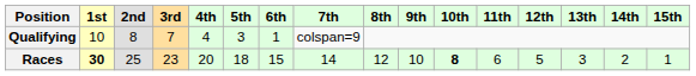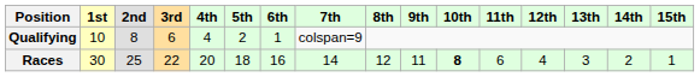 <table class="wikitable" style="font-size:85%; text-align:center">
 <tr>
 <th>Position</th>
 <td style="background:#ffffbf;"> <strong>1st</strong> </td>
 <td style="background:#dfdfdf;"> <strong>2nd</strong> </td>
 <td style="background:#ffdf9f;"> <strong>3rd</strong> </td>
 <td style="background:#dfffdf;"> <strong>4th</strong> </td>
 <td style="background:#dfffdf;"> <strong>5th</strong> </td>
 <td style="background:#dfffdf;"> <strong>6th</strong> </td>
 <td style="background:#dfffdf;"> <strong>7th</strong> </td>
 <td style="background:#dfffdf;"> <strong>8th</strong> </td>
 <td style="background:#dfffdf;"> <strong>9th</strong> </td>
 <td style="background:#dfffdf;"> <strong>10th</strong> </td>
 <td style="background:#dfffdf;"> <strong>11th</strong> </td>
 <td style="background:#dfffdf;"> <strong>12th</strong> </td>
 <td style="background:#dfffdf;"> <strong>13th</strong> </td>
 <td style="background:#dfffdf;"> <strong>14th</strong> </td>
 <td style="background:#dfffdf;"> <strong>15th</strong> </td>
 </tr>
 <tr>
 <th>Qualifying</th>
 <td style="background:#ffffbf;">10</td>
 <td style="background:#dfdfdf;">8</td>
-<td style="background:#ffdf9f;">7</td>
+<td style="background:#ffdf9f;">6</td>
 <td style="background:#dfffdf;">4</td>
-<td style="background:#dfffdf;">3</td>
+<td style="background:#dfffdf;">2</td>
 <td style="background:#dfffdf;">1</td>
 <td>colspan=9 </td>
 </tr>
 <tr>
 <th>Races</th>
-<td style="background:#ffffbf;"><strong>30</strong></td>
+<td style="background:#ffffbf;">30</td>
 <td style="background:#dfdfdf;">25</td>
-<td style="background:#ffdf9f;">23</td>
+<td style="background:#ffdf9f;">22</td>
 <td style="background:#dfffdf;">20</td>
 <td style="background:#dfffdf;">18</td>
-<td style="background:#dfffdf;">15</td>
+<td style="background:#dfffdf;">16</td>
 <td style="background:#dfffdf;">14</td>
 <td style="background:#dfffdf;">12</td>
-<td style="background:#dfffdf;">10</td>
+<td style="background:#dfffdf;">11</td>
 <td style="background:#dfffdf;"><strong>8</strong></td>
 <td style="background:#dfffdf;">6</td>
-<td style="background:#dfffdf;">5</td>
+<td style="background:#dfffdf;">4</td>
 <td style="background:#dfffdf;">3</td>
 <td style="background:#dfffdf;">2</td>
 <td style="background:#dfffdf;">1</td>
 </tr>
 </table>
